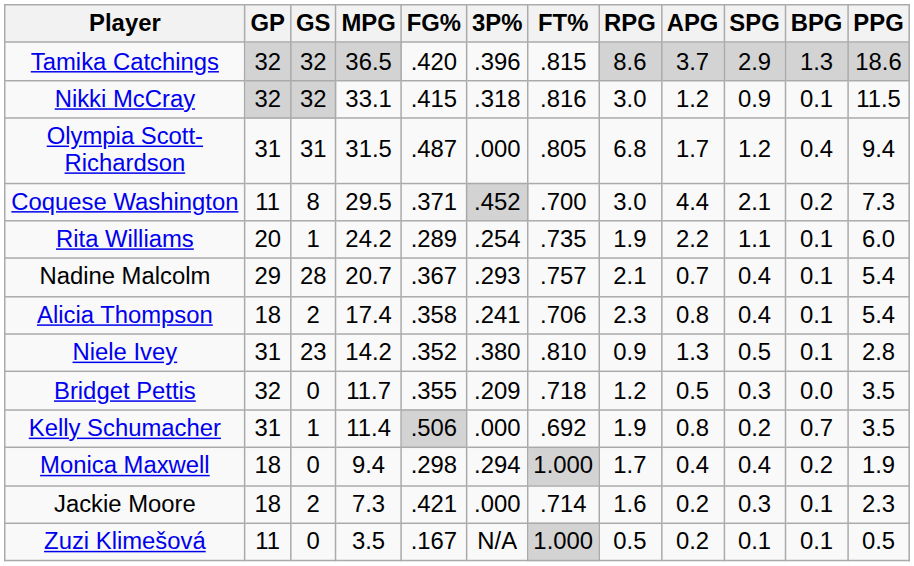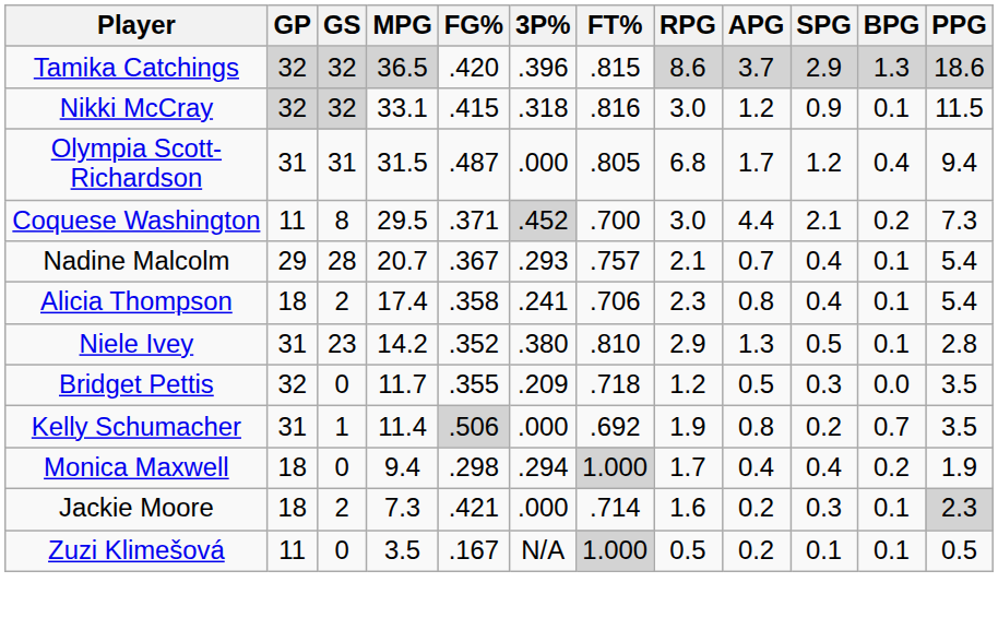 <table class="wikitable sortable" style="text-align:center;">
 <tr>
 <th>Player</th>
 <th>GP</th>
 <th>GS</th>
 <th>MPG</th>
 <th>FG%</th>
 <th>3P%</th>
 <th>FT%</th>
 <th>RPG</th>
 <th>APG</th>
 <th>SPG</th>
 <th>BPG</th>
 <th>PPG</th>
 </tr>
 <tr>
 <td><a href='#'>Tamika Catchings</a></td>
 <td style="background:#D3D3D3;">32</td>
 <td style="background:#D3D3D3;">32</td>
 <td style="background:#D3D3D3;">36.5</td>
 <td>.420</td>
 <td>.396</td>
 <td>.815</td>
 <td style="background:#D3D3D3;">8.6</td>
 <td style="background:#D3D3D3;">3.7</td>
 <td style="background:#D3D3D3;">2.9</td>
 <td style="background:#D3D3D3;">1.3</td>
 <td style="background:#D3D3D3;">18.6</td>
 </tr>
 <tr>
 <td><a href='#'>Nikki McCray</a></td>
 <td style="background:#D3D3D3;">32</td>
 <td style="background:#D3D3D3;">32</td>
 <td>33.1</td>
 <td>.415</td>
 <td>.318</td>
 <td>.816</td>
 <td>3.0</td>
 <td>1.2</td>
 <td>0.9</td>
 <td>0.1</td>
 <td>11.5</td>
 </tr>
 <tr>
 <td><a href='#'>Olympia Scott-Richardson</a></td>
 <td>31</td>
 <td>31</td>
 <td>31.5</td>
 <td>.487</td>
 <td>.000</td>
 <td>.805</td>
 <td>6.8</td>
 <td>1.7</td>
 <td>1.2</td>
 <td>0.4</td>
 <td>9.4</td>
 </tr>
 <tr>
 <td><a href='#'>Coquese Washington</a></td>
 <td>11</td>
 <td>8</td>
 <td>29.5</td>
 <td>.371</td>
 <td style="background:#D3D3D3;">.452</td>
 <td>.700</td>
 <td>3.0</td>
 <td>4.4</td>
 <td>2.1</td>
 <td>0.2</td>
 <td>7.3</td>
 </tr>
 <tr>
-<td><a href='#'>Rita Williams</a></td>
-<td>20</td>
-<td>1</td>
-<td>24.2</td>
-<td>.289</td>
-<td>.254</td>
-<td>.735</td>
-<td>1.9</td>
-<td>2.2</td>
-<td>1.1</td>
-<td>0.1</td>
-<td>6.0</td>
-</tr>
-<tr>
 <td>Nadine Malcolm</td>
 <td>29</td>
 <td>28</td>
 <td>20.7</td>
 <td>.367</td>
 <td>.293</td>
 <td>.757</td>
 <td>2.1</td>
 <td>0.7</td>
 <td>0.4</td>
 <td>0.1</td>
 <td>5.4</td>
 </tr>
 <tr>
 <td><a href='#'>Alicia Thompson</a></td>
 <td>18</td>
 <td>2</td>
 <td>17.4</td>
 <td>.358</td>
 <td>.241</td>
 <td>.706</td>
 <td>2.3</td>
 <td>0.8</td>
 <td>0.4</td>
 <td>0.1</td>
 <td>5.4</td>
 </tr>
 <tr>
 <td><a href='#'>Niele Ivey</a></td>
 <td>31</td>
 <td>23</td>
 <td>14.2</td>
 <td>.352</td>
 <td>.380</td>
 <td>.810</td>
-<td>0.9</td>
+<td>2.9</td>
 <td>1.3</td>
 <td>0.5</td>
 <td>0.1</td>
 <td>2.8</td>
 </tr>
 <tr>
 <td><a href='#'>Bridget Pettis</a></td>
 <td>32</td>
 <td>0</td>
 <td>11.7</td>
 <td>.355</td>
 <td>.209</td>
 <td>.718</td>
 <td>1.2</td>
 <td>0.5</td>
 <td>0.3</td>
 <td>0.0</td>
 <td>3.5</td>
 </tr>
 <tr>
 <td><a href='#'>Kelly Schumacher</a></td>
 <td>31</td>
 <td>1</td>
 <td>11.4</td>
 <td style="background:#D3D3D3;">.506</td>
 <td>.000</td>
 <td>.692</td>
 <td>1.9</td>
 <td>0.8</td>
 <td>0.2</td>
 <td>0.7</td>
 <td>3.5</td>
 </tr>
 <tr>
 <td><a href='#'>Monica Maxwell</a></td>
 <td>18</td>
 <td>0</td>
 <td>9.4</td>
 <td>.298</td>
 <td>.294</td>
 <td style="background:#D3D3D3;">1.000</td>
 <td>1.7</td>
 <td>0.4</td>
 <td>0.4</td>
 <td>0.2</td>
 <td>1.9</td>
 </tr>
 <tr>
 <td>Jackie Moore</td>
 <td>18</td>
 <td>2</td>
 <td>7.3</td>
 <td>.421</td>
 <td>.000</td>
 <td>.714</td>
 <td>1.6</td>
 <td>0.2</td>
 <td>0.3</td>
 <td>0.1</td>
-<td>2.3</td>
+<td style="background: lightgrey;">2.3</td>
 </tr>
 <tr>
 <td><a href='#'>Zuzi Klimešová</a></td>
 <td>11</td>
 <td>0</td>
 <td>3.5</td>
 <td>.167</td>
 <td>N/A</td>
 <td style="background:#D3D3D3;">1.000</td>
 <td>0.5</td>
 <td>0.2</td>
 <td>0.1</td>
 <td>0.1</td>
 <td>0.5</td>
 </tr>
 </table>
